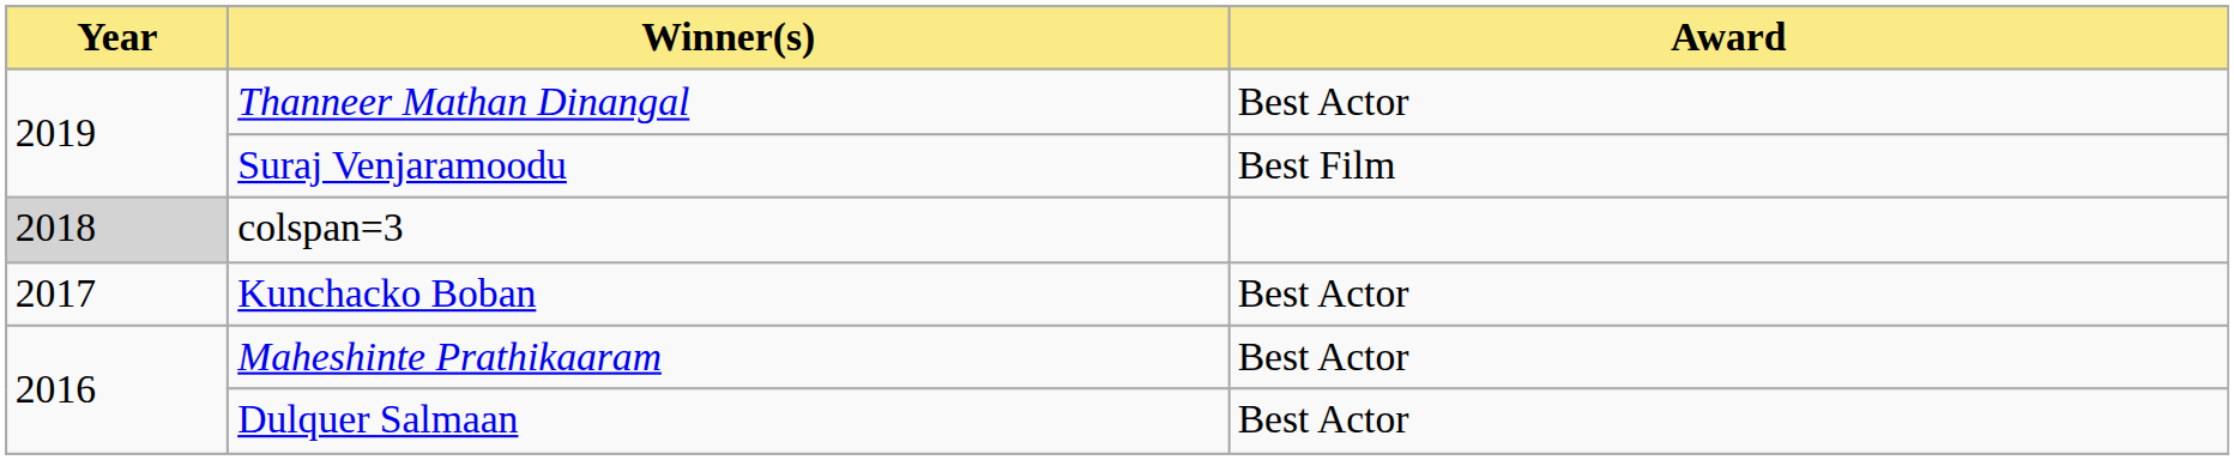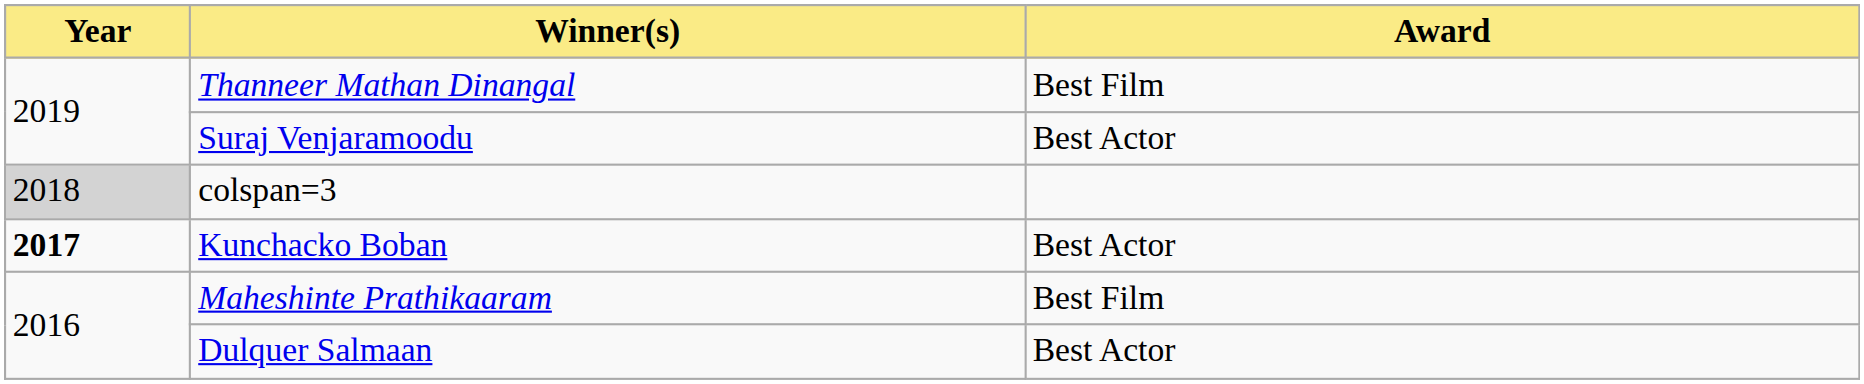 <table class="wikitable" style="width:100%">
 <tr bgcolor="#bebebe">
 <th width="10%" style="background:#FAEB86">Year</th>
 <th width="45%" style="background:#FAEB86">Winner(s)</th>
 <th width="45%" style="background:#FAEB86">Award</th>
 </tr>
 <tr>
 <td rowspan=2>2019</td>
 <td><em><a href='#'>Thanneer Mathan Dinangal</a></em></td>
-<td>Best Actor</td>
+<td>Best Film</td>
 </tr>
 <tr>
 <td><a href='#'>Suraj Venjaramoodu</a></td>
-<td>Best Film</td>
+<td>Best Actor</td>
 </tr>
 <tr>
 <td style="background: lightgrey;">2018</td>
 <td>colspan=3 </td>
 </tr>
 <tr>
-<td>2017</td>
+<td><strong>2017</strong></td>
 <td><a href='#'>Kunchacko Boban</a></td>
 <td>Best Actor</td>
 </tr>
 <tr>
 <td rowspan=2>2016</td>
 <td><em><a href='#'>Maheshinte Prathikaaram</a></em></td>
-<td>Best Actor</td>
+<td>Best Film</td>
 </tr>
 <tr>
 <td><a href='#'>Dulquer Salmaan</a></td>
 <td>Best Actor</td>
 </tr>
 </table>
